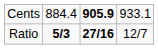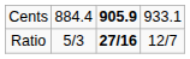 <table class="wikitable" style="text-align:center;">
 <tr>
 <td>Cents</td>
 <td>884.4</td>
 <td><strong>905.9</strong></td>
 <td>933.1</td>
 </tr>
 <tr>
 <td>Ratio</td>
-<td><strong>5/3</strong></td>
+<td>5/3</td>
 <td><strong>27/16</strong></td>
 <td>12/7</td>
 </tr>
 </table>
